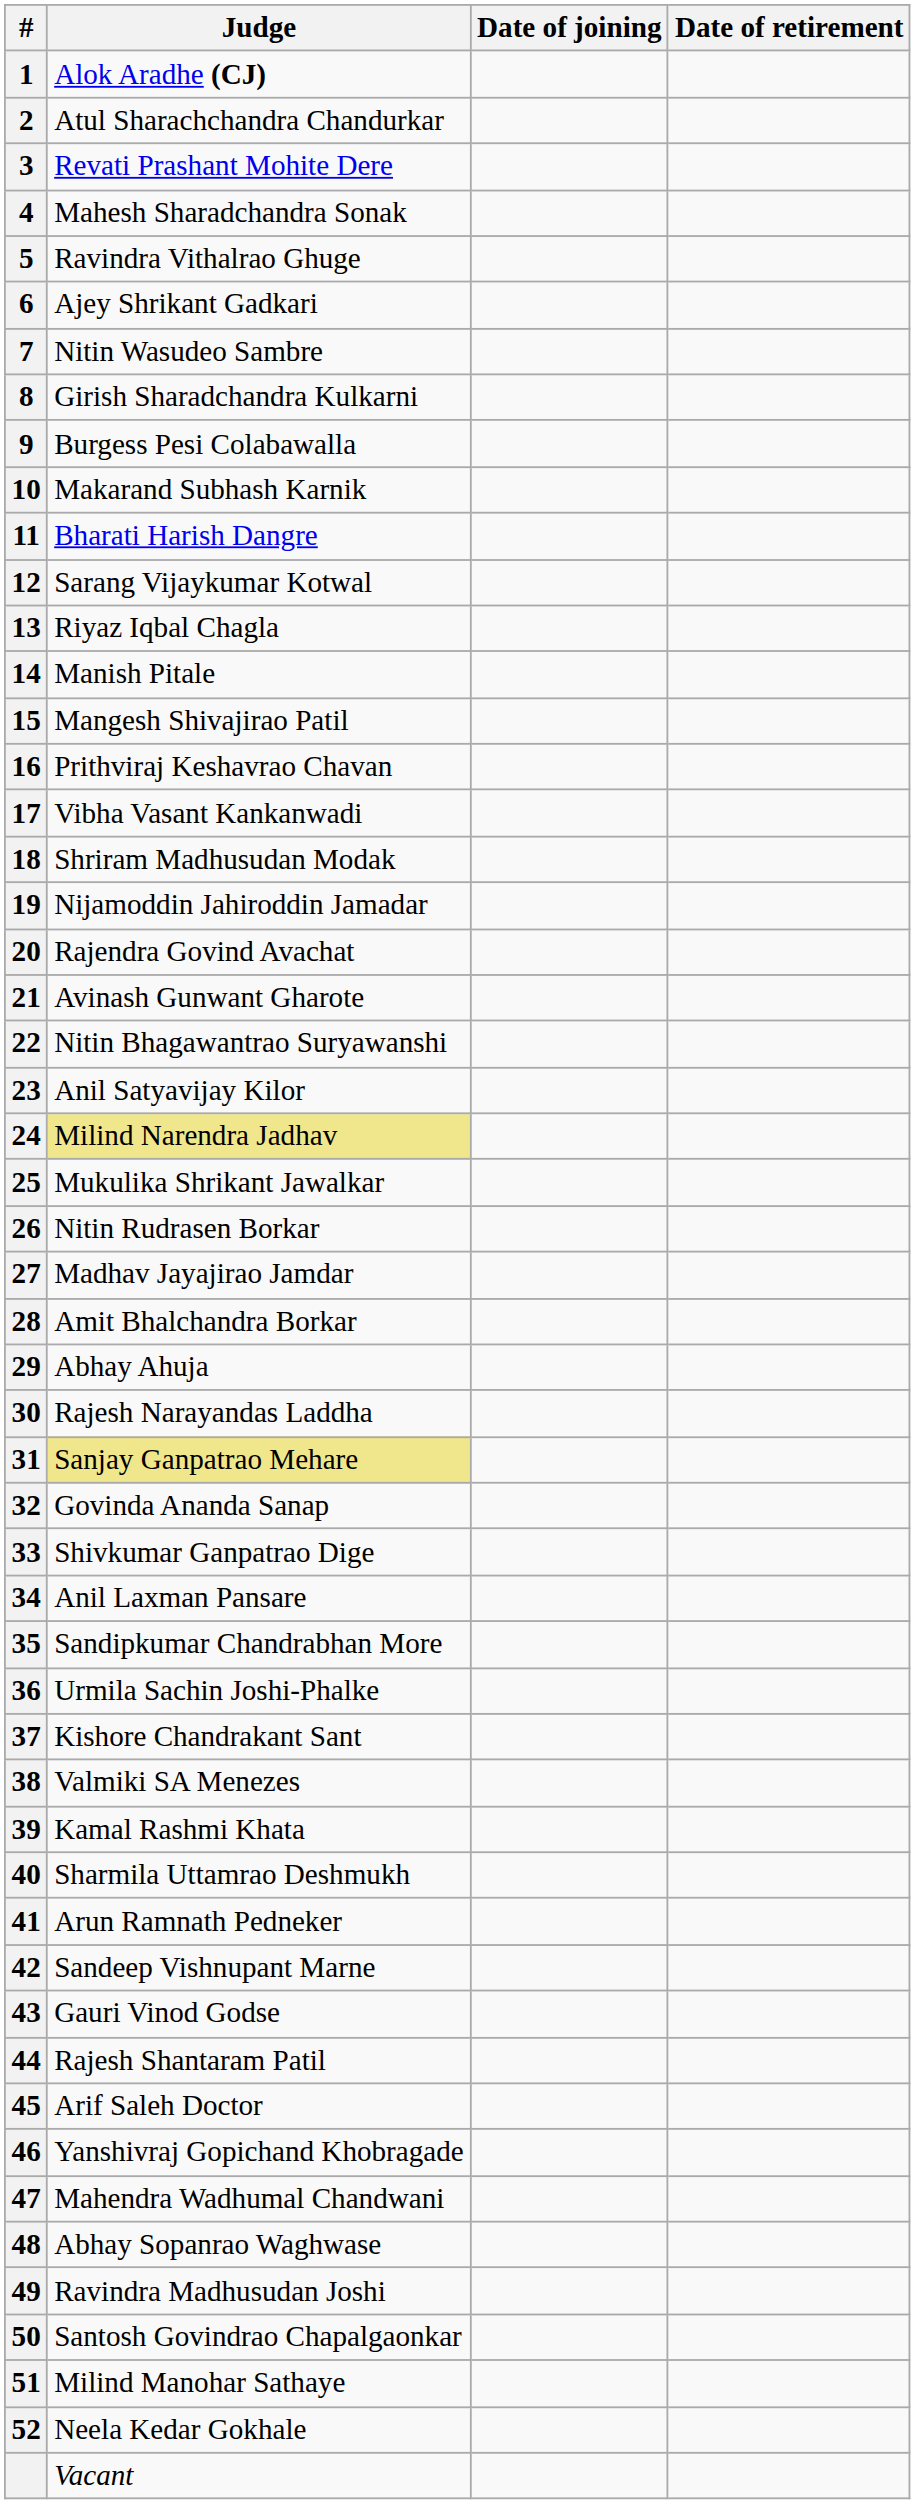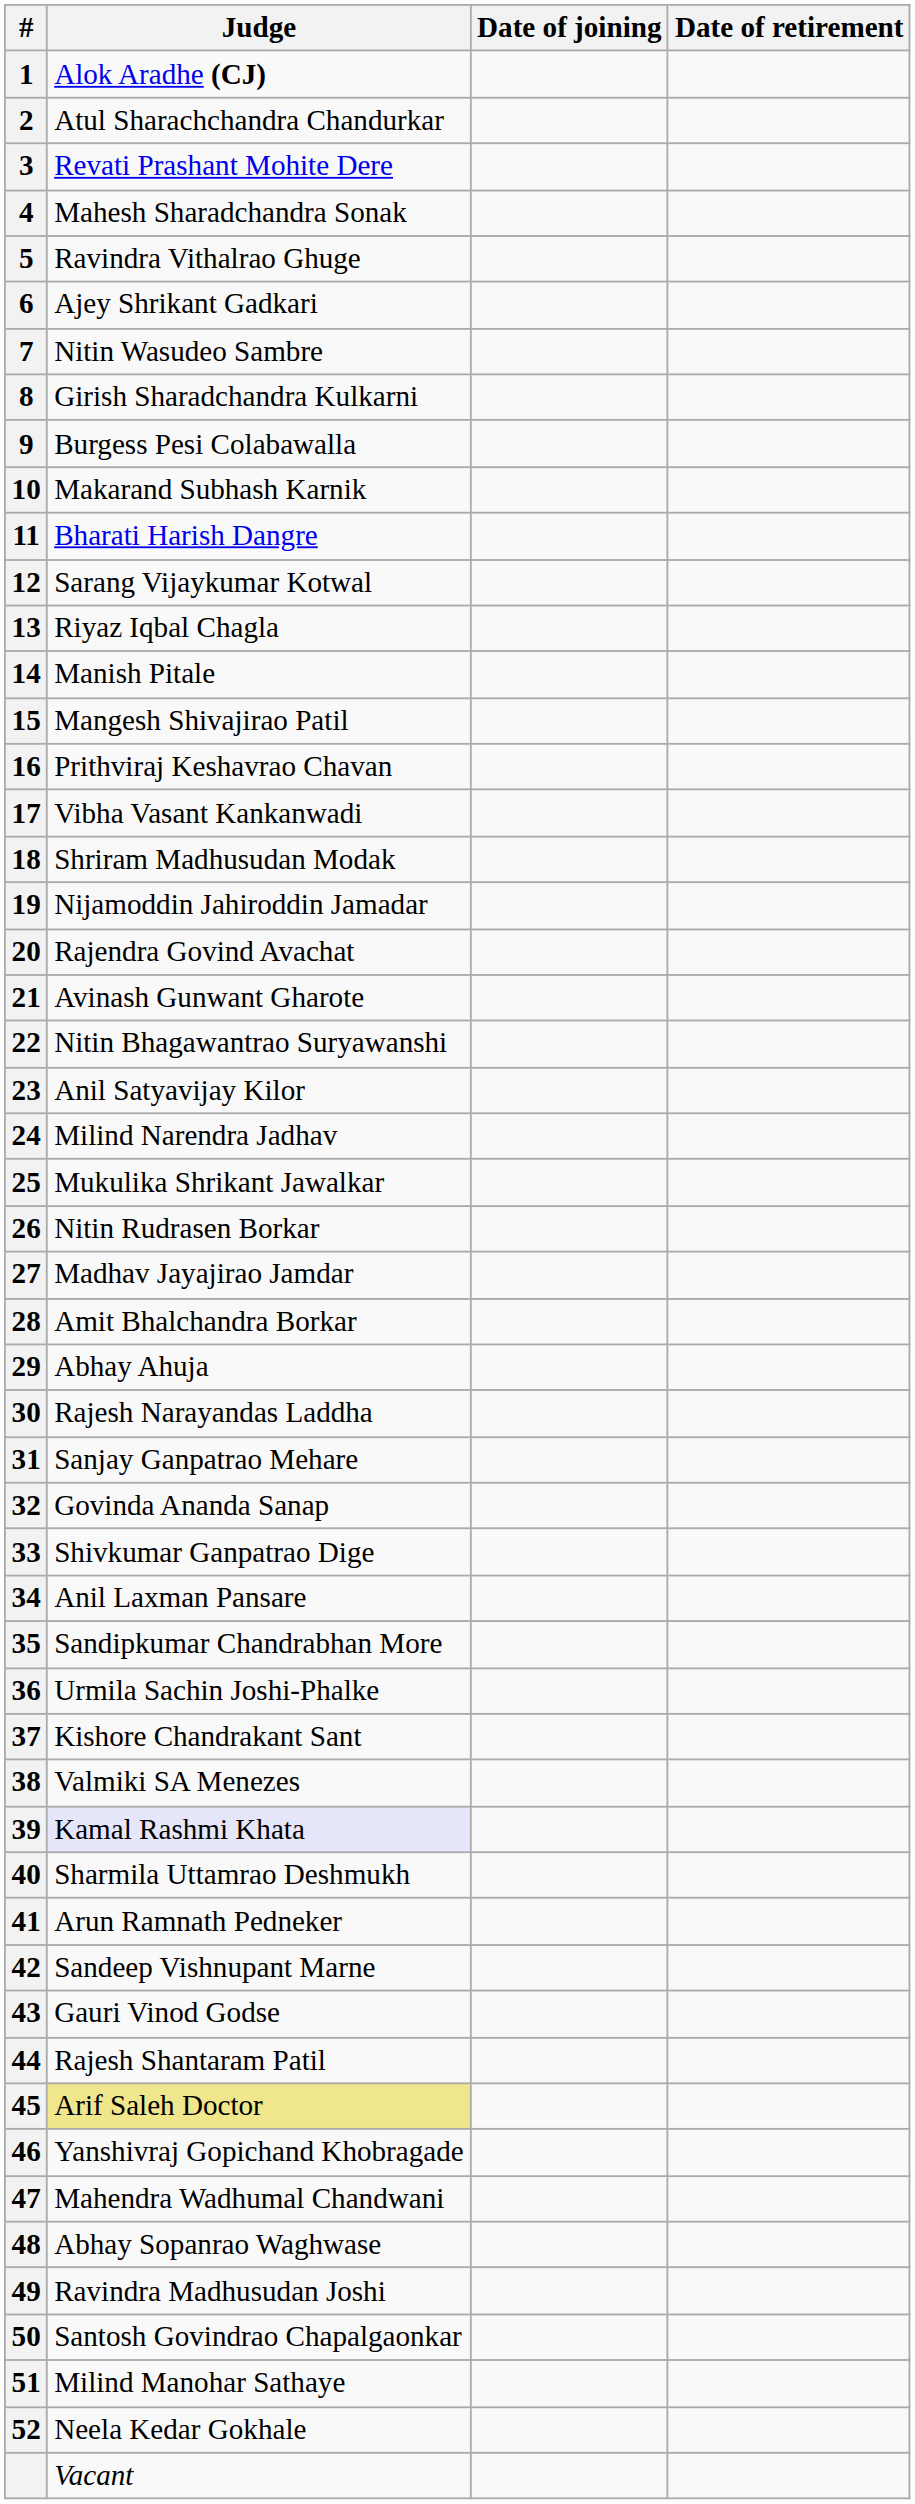 <table class="wikitable sortable">
 <tr>
 <th>#</th>
 <th>Judge</th>
 <th>Date of joining</th>
 <th>Date of retirement</th>
 </tr>
 <tr>
 <th>1</th>
 <td><a href='#'>Alok Aradhe</a> <strong>(CJ)</strong></td>
 <td></td>
 <td></td>
 </tr>
 <tr>
 <th>2</th>
 <td>Atul Sharachchandra Chandurkar</td>
 <td></td>
 <td></td>
 </tr>
 <tr>
 <th>3</th>
 <td><a href='#'>Revati Prashant Mohite Dere</a></td>
 <td></td>
 <td></td>
 </tr>
 <tr>
 <th>4</th>
 <td>Mahesh Sharadchandra Sonak</td>
 <td></td>
 <td></td>
 </tr>
 <tr>
 <th>5</th>
 <td>Ravindra Vithalrao Ghuge</td>
 <td></td>
 <td></td>
 </tr>
 <tr>
 <th>6</th>
 <td>Ajey Shrikant Gadkari</td>
 <td></td>
 <td></td>
 </tr>
 <tr>
 <th>7</th>
 <td>Nitin Wasudeo Sambre</td>
 <td></td>
 <td></td>
 </tr>
 <tr>
 <th>8</th>
 <td>Girish Sharadchandra Kulkarni</td>
 <td></td>
 <td></td>
 </tr>
 <tr>
 <th>9</th>
 <td>Burgess Pesi Colabawalla</td>
 <td></td>
 <td></td>
 </tr>
 <tr>
 <th>10</th>
 <td>Makarand Subhash Karnik</td>
 <td></td>
 <td></td>
 </tr>
 <tr>
 <th>11</th>
 <td><a href='#'>Bharati Harish Dangre</a></td>
 <td></td>
 <td></td>
 </tr>
 <tr>
 <th>12</th>
 <td>Sarang Vijaykumar Kotwal</td>
 <td></td>
 <td></td>
 </tr>
 <tr>
 <th>13</th>
 <td>Riyaz Iqbal Chagla</td>
 <td></td>
 <td></td>
 </tr>
 <tr>
 <th>14</th>
 <td>Manish Pitale</td>
 <td></td>
 <td></td>
 </tr>
 <tr>
 <th>15</th>
 <td>Mangesh Shivajirao Patil</td>
 <td></td>
 <td></td>
 </tr>
 <tr>
 <th>16</th>
 <td>Prithviraj Keshavrao Chavan</td>
 <td></td>
 <td></td>
 </tr>
 <tr>
 <th>17</th>
 <td>Vibha Vasant Kankanwadi</td>
 <td></td>
 <td></td>
 </tr>
 <tr>
 <th>18</th>
 <td>Shriram Madhusudan Modak</td>
 <td></td>
 <td></td>
 </tr>
 <tr>
 <th>19</th>
 <td>Nijamoddin Jahiroddin Jamadar</td>
 <td></td>
 <td></td>
 </tr>
 <tr>
 <th>20</th>
 <td>Rajendra Govind Avachat</td>
 <td></td>
 <td></td>
 </tr>
 <tr>
 <th>21</th>
 <td>Avinash Gunwant Gharote</td>
 <td></td>
 <td></td>
 </tr>
 <tr>
 <th>22</th>
 <td>Nitin Bhagawantrao Suryawanshi</td>
 <td></td>
 <td></td>
 </tr>
 <tr>
 <th>23</th>
 <td>Anil Satyavijay Kilor</td>
 <td></td>
 <td></td>
 </tr>
 <tr>
 <th>24</th>
-<td style="background: khaki;">Milind Narendra Jadhav</td>
+<td>Milind Narendra Jadhav</td>
 <td></td>
 <td></td>
 </tr>
 <tr>
 <th>25</th>
 <td>Mukulika Shrikant Jawalkar</td>
 <td></td>
 <td></td>
 </tr>
 <tr>
 <th>26</th>
 <td>Nitin Rudrasen Borkar</td>
 <td></td>
 <td></td>
 </tr>
 <tr>
 <th>27</th>
 <td>Madhav Jayajirao Jamdar</td>
 <td></td>
 <td></td>
 </tr>
 <tr>
 <th>28</th>
 <td>Amit Bhalchandra Borkar</td>
 <td></td>
 <td></td>
 </tr>
 <tr>
 <th>29</th>
 <td>Abhay Ahuja</td>
 <td></td>
 <td></td>
 </tr>
 <tr>
 <th>30</th>
 <td>Rajesh Narayandas Laddha</td>
 <td></td>
 <td></td>
 </tr>
 <tr>
 <th>31</th>
-<td style="background: khaki;">Sanjay Ganpatrao Mehare</td>
+<td>Sanjay Ganpatrao Mehare</td>
 <td></td>
 <td></td>
 </tr>
 <tr>
 <th>32</th>
 <td>Govinda Ananda Sanap</td>
 <td></td>
 <td></td>
 </tr>
 <tr>
 <th>33</th>
 <td>Shivkumar Ganpatrao Dige</td>
 <td></td>
 <td></td>
 </tr>
 <tr>
 <th>34</th>
 <td>Anil Laxman Pansare</td>
 <td></td>
 <td></td>
 </tr>
 <tr>
 <th>35</th>
 <td>Sandipkumar Chandrabhan More</td>
 <td></td>
 <td></td>
 </tr>
 <tr>
 <th>36</th>
 <td>Urmila Sachin Joshi-Phalke</td>
 <td></td>
 <td></td>
 </tr>
 <tr>
 <th>37</th>
 <td>Kishore Chandrakant Sant</td>
 <td></td>
 <td></td>
 </tr>
 <tr>
 <th>38</th>
 <td>Valmiki SA Menezes</td>
 <td></td>
 <td></td>
 </tr>
 <tr>
 <th>39</th>
-<td>Kamal Rashmi Khata</td>
+<td style="background: lavender;">Kamal Rashmi Khata</td>
 <td></td>
 <td></td>
 </tr>
 <tr>
 <th>40</th>
 <td>Sharmila Uttamrao Deshmukh</td>
 <td></td>
 <td></td>
 </tr>
 <tr>
 <th>41</th>
 <td>Arun Ramnath Pedneker</td>
 <td></td>
 <td></td>
 </tr>
 <tr>
 <th>42</th>
 <td>Sandeep Vishnupant Marne</td>
 <td></td>
 <td></td>
 </tr>
 <tr>
 <th>43</th>
 <td>Gauri Vinod Godse</td>
 <td></td>
 <td></td>
 </tr>
 <tr>
 <th>44</th>
 <td>Rajesh Shantaram Patil</td>
 <td></td>
 <td></td>
 </tr>
 <tr>
 <th>45</th>
-<td>Arif Saleh Doctor</td>
+<td style="background: khaki;">Arif Saleh Doctor</td>
 <td></td>
 <td></td>
 </tr>
 <tr>
 <th>46</th>
 <td>Yanshivraj Gopichand Khobragade</td>
 <td></td>
 <td></td>
 </tr>
 <tr>
 <th>47</th>
 <td>Mahendra Wadhumal Chandwani</td>
 <td></td>
 <td></td>
 </tr>
 <tr>
 <th>48</th>
 <td>Abhay Sopanrao Waghwase</td>
 <td></td>
 <td></td>
 </tr>
 <tr>
 <th>49</th>
 <td>Ravindra Madhusudan Joshi</td>
 <td></td>
 <td></td>
 </tr>
 <tr>
 <th>50</th>
 <td>Santosh Govindrao Chapalgaonkar</td>
 <td></td>
 <td></td>
 </tr>
 <tr>
 <th>51</th>
 <td>Milind Manohar Sathaye</td>
 <td></td>
 <td></td>
 </tr>
 <tr>
 <th>52</th>
 <td>Neela Kedar Gokhale</td>
 <td></td>
 <td></td>
 </tr>
 <tr>
 <th></th>
 <td><em>Vacant</em></td>
 <td></td>
 <td></td>
 </tr>
 </table>
